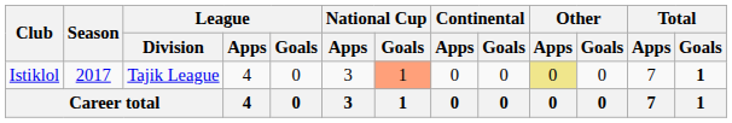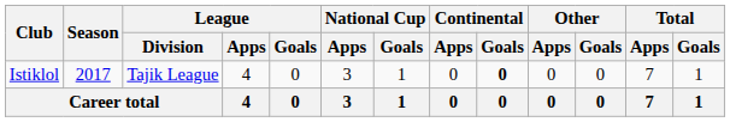 <table class="wikitable" style="text-align: center;">
 <tr>
 <th rowspan="2">Club</th>
 <th rowspan="2">Season</th>
 <th colspan="3">League</th>
 <th colspan="2">National Cup</th>
 <th colspan="2">Continental</th>
 <th colspan="2">Other</th>
 <th colspan="2">Total</th>
 </tr>
 <tr>
 <th>Division</th>
 <th>Apps</th>
 <th>Goals</th>
 <th>Apps</th>
 <th>Goals</th>
 <th>Apps</th>
 <th>Goals</th>
 <th>Apps</th>
 <th>Goals</th>
 <th>Apps</th>
 <th>Goals</th>
 </tr>
 <tr>
 <td valign="center"><a href='#'>Istiklol</a></td>
 <td><a href='#'>2017</a></td>
 <td><a href='#'>Tajik League</a></td>
 <td>4</td>
 <td>0</td>
 <td>3</td>
-<td style="background: lightsalmon;">1</td>
+<td>1</td>
+<td>0</td>
+<td><strong>0</strong></td>
 <td>0</td>
 <td>0</td>
-<td style="background: khaki;">0</td>
-<td>0</td>
 <td>7</td>
-<td><strong>1</strong></td>
+<td>1</td>
 </tr>
 <tr>
 <th colspan="3">Career total</th>
 <th>4</th>
 <th>0</th>
 <th>3</th>
 <th>1</th>
 <th>0</th>
 <th>0</th>
 <th>0</th>
 <th>0</th>
 <th>7</th>
 <th>1</th>
 </tr>
 </table>
